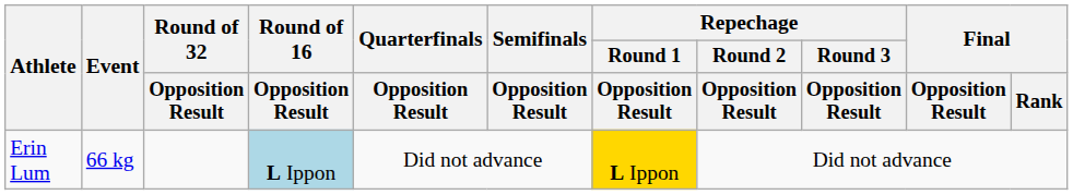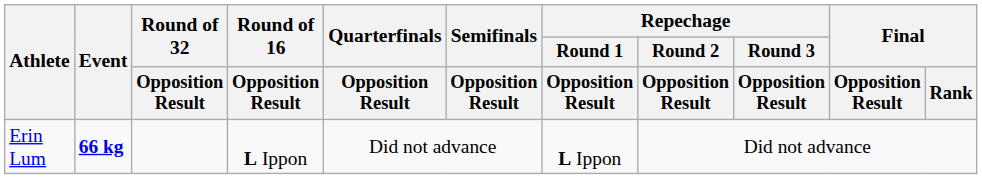 <table class="wikitable" style="font-size:90%">
 <tr>
 <th rowspan="3">Athlete</th>
 <th rowspan="3">Event</th>
 <th rowspan="2">Round of 32</th>
 <th rowspan="2">Round of 16</th>
 <th rowspan="2">Quarterfinals</th>
 <th rowspan="2">Semifinals</th>
 <th colspan=3>Repechage</th>
 <th rowspan="2" colspan=2>Final</th>
 </tr>
 <tr style="font-size:95%">
 <th>Round 1</th>
 <th>Round 2</th>
 <th>Round 3</th>
 </tr>
 <tr style="font-size:95%">
 <th>Opposition<br>Result</th>
 <th>Opposition<br>Result</th>
 <th>Opposition<br>Result</th>
 <th>Opposition<br>Result</th>
 <th>Opposition<br>Result</th>
 <th>Opposition<br>Result</th>
 <th>Opposition<br>Result</th>
 <th>Opposition<br>Result</th>
 <th>Rank</th>
 </tr>
 <tr align=center>
 <td align=left><a href='#'>Erin Lum</a></td>
-<td align=left><a href='#'>66 kg</a></td>
+<td align=left><strong><a href='#'>66 kg</a></strong></td>
 <td></td>
-<td style="background: lightblue;"><br><strong>L</strong> Ippon</td>
+<td><br><strong>L</strong> Ippon</td>
 <td colspan=2>Did not advance</td>
-<td style="background: gold;"><br><strong>L</strong> Ippon</td>
+<td><br><strong>L</strong> Ippon</td>
 <td colspan=4>Did not advance</td>
 </tr>
 </table>
